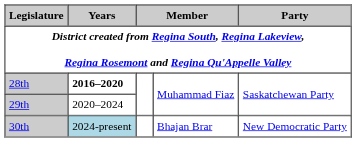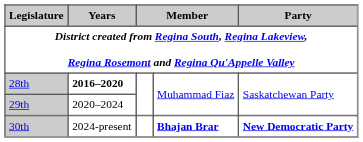 <table border=1 cellpadding=5 cellspacing=0>
 <tr bgcolor="CCCCCC">
 <th>Legislature</th>
 <th>Years</th>
 <th colspan="2">Member</th>
 <th>Party</th>
 </tr>
 <tr>
 <td colspan="5" align="center"><strong><em>District created from <a href='#'>Regina South</a>, <a href='#'>Regina Lakeview</a>,</em></strong><br><br><strong><em><a href='#'>Regina Rosemont</a> and <a href='#'>Regina Qu'Appelle Valley</a></em></strong></td>
 </tr>
 <tr>
 <td bgcolor="CCCCCC"><a href='#'>28th</a></td>
 <td><strong>2016–2020</strong></td>
 <td rowspan=2 >   </td>
 <td rowspan=2><a href='#'>Muhammad Fiaz</a></td>
 <td rowspan=2><a href='#'>Saskatchewan Party</a></td>
 </tr>
 <tr>
 <td bgcolor="CCCCCC"><a href='#'>29th</a></td>
 <td>2020–2024</td>
 </tr>
 <tr>
 <td bgcolor="CCCCCC"><a href='#'>30th</a></td>
-<td style="background: lightblue;">2024-present</td>
+<td>2024-present</td>
 <td>   </td>
-<td><a href='#'>Bhajan Brar</a></td>
-<td><a href='#'>New Democratic Party</a></td>
+<td><strong><a href='#'>Bhajan Brar</a></strong></td>
+<td><strong><a href='#'>New Democratic Party</a></strong></td>
 </tr>
 </table>
